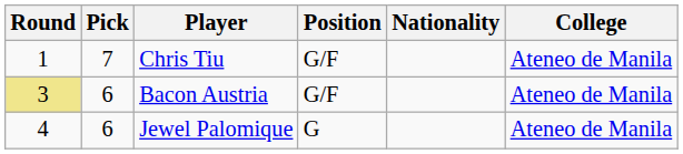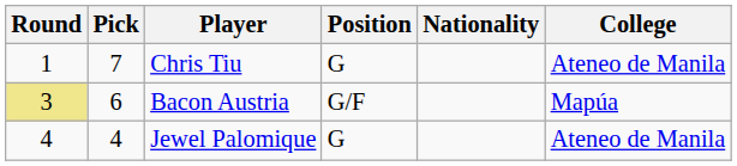 <table class="wikitable sortable sortable">
 <tr>
 <th>Round</th>
 <th>Pick</th>
 <th>Player</th>
 <th>Position</th>
 <th>Nationality</th>
 <th>College</th>
 </tr>
 <tr>
 <td align=center>1</td>
 <td align=center>7</td>
 <td><a href='#'>Chris Tiu</a></td>
-<td>G/F</td>
+<td>G</td>
 <td></td>
 <td><a href='#'>Ateneo de Manila</a></td>
 </tr>
 <tr>
 <td align=center style="background: khaki;">3</td>
 <td align=center>6</td>
 <td><a href='#'>Bacon Austria</a></td>
 <td>G/F</td>
 <td></td>
-<td><a href='#'>Ateneo de Manila</a></td>
+<td><a href='#'>Mapúa</a></td>
 </tr>
 <tr>
 <td align=center>4</td>
-<td align=center>6</td>
+<td align=center>4</td>
 <td><a href='#'>Jewel Palomique</a></td>
 <td>G</td>
 <td></td>
 <td><a href='#'>Ateneo de Manila</a></td>
 </tr>
 </table>
